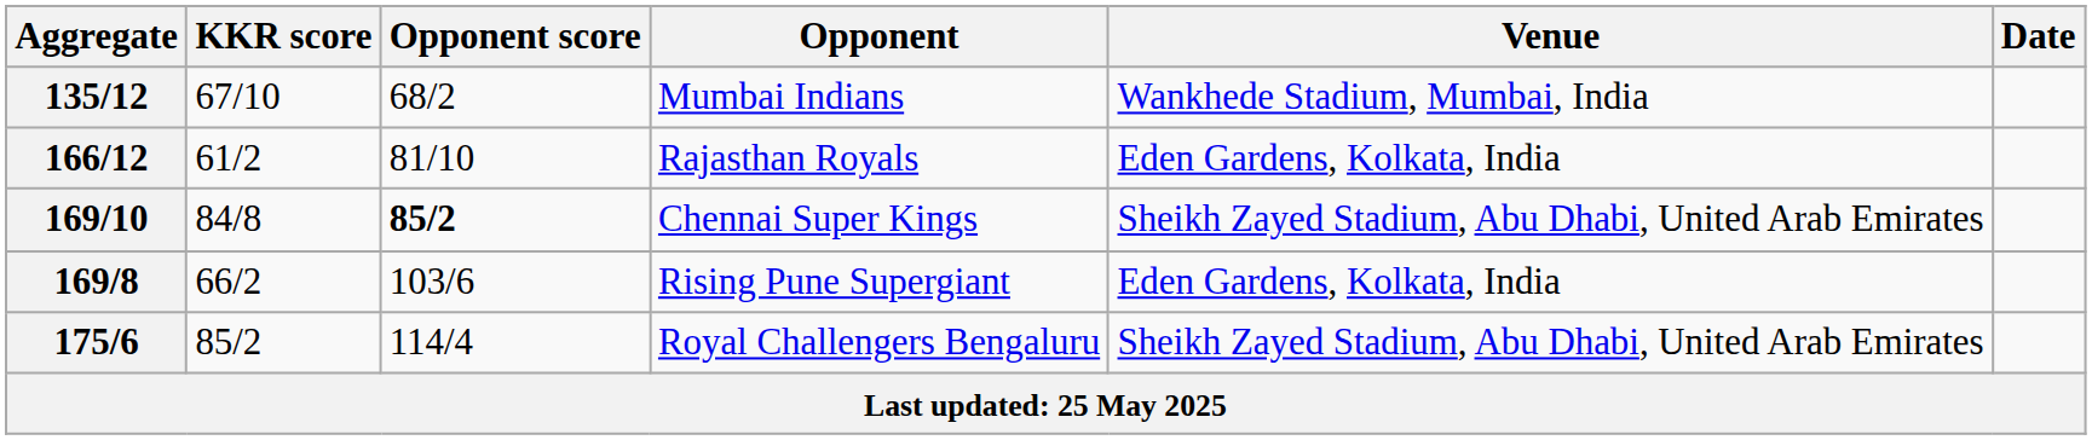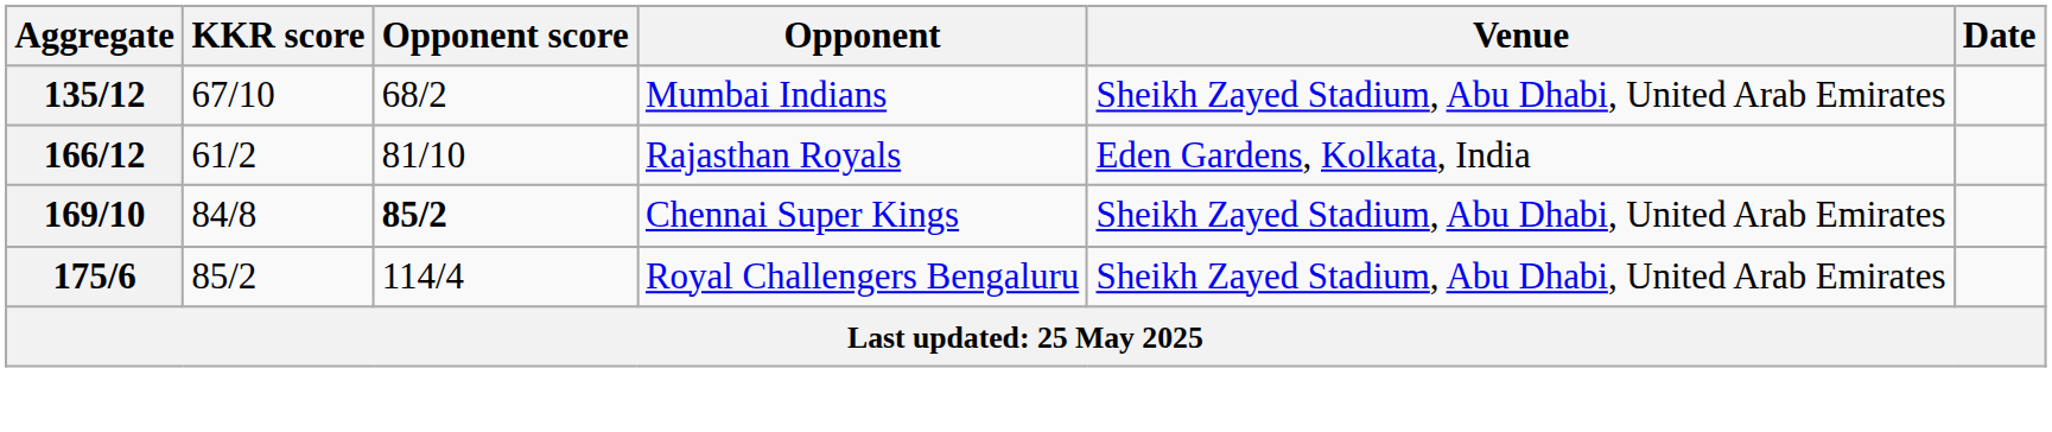 <table class="wikitable" style="text-align:left;font-size:96%;">
 <tr>
 <th><strong>Aggregate</strong></th>
 <th><strong>KKR score</strong></th>
 <th><strong>Opponent score</strong></th>
 <th><strong>Opponent</strong></th>
 <th><strong>Venue</strong></th>
 <th><strong>Date</strong></th>
 </tr>
 <tr>
 <th>135/12</th>
 <td>67/10</td>
 <td>68/2</td>
 <td><a href='#'>Mumbai Indians</a></td>
-<td><a href='#'>Wankhede Stadium</a>, <a href='#'>Mumbai</a>, India</td>
+<td><a href='#'>Sheikh Zayed Stadium</a>, <a href='#'>Abu Dhabi</a>, United Arab Emirates</td>
 <td></td>
 </tr>
 <tr>
 <th>166/12</th>
 <td>61/2</td>
 <td>81/10</td>
 <td><a href='#'>Rajasthan Royals</a></td>
 <td><a href='#'>Eden Gardens</a>, <a href='#'>Kolkata</a>, India</td>
 <td></td>
 </tr>
 <tr>
 <th>169/10</th>
 <td>84/8</td>
 <td><strong>85/2</strong></td>
 <td><a href='#'>Chennai Super Kings</a></td>
 <td><a href='#'>Sheikh Zayed Stadium</a>, <a href='#'>Abu Dhabi</a>, United Arab Emirates</td>
 <td></td>
 </tr>
 <tr>
-<th>169/8</th>
-<td>66/2</td>
-<td>103/6</td>
-<td><a href='#'>Rising Pune Supergiant</a></td>
-<td><a href='#'>Eden Gardens</a>, <a href='#'>Kolkata</a>, India</td>
-<td></td>
-</tr>
-<tr>
 <th>175/6</th>
 <td>85/2</td>
 <td>114/4</td>
 <td><a href='#'>Royal Challengers Bengaluru</a></td>
 <td><a href='#'>Sheikh Zayed Stadium</a>, <a href='#'>Abu Dhabi</a>, United Arab Emirates</td>
 <td></td>
 </tr>
 <tr class=sortbottom>
 <th colspan="6"><small>Last updated: 25 May 2025</small></th>
 </tr>
 </table>
